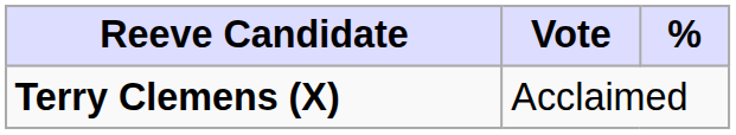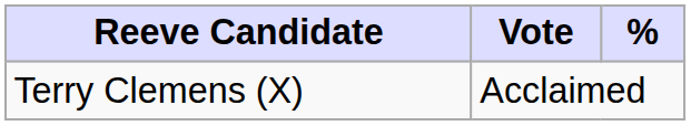 <table class="wikitable">
 <tr>
 <th style="background:#ddf; width:200px;">Reeve Candidate</th>
 <th style="background:#ddf; width:50px;">Vote</th>
 <th style="background:#ddf; width:30px;">%</th>
 </tr>
 <tr>
-<td><strong>Terry Clemens (X)</strong></td>
+<td>Terry Clemens (X)</td>
 <td colspan="2">Acclaimed</td>
 </tr>
 </table>
